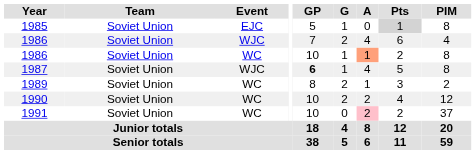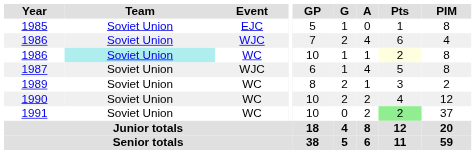 <table border="0" cellpadding="1" cellspacing="0" ID="Table3" style="text-align:center; width:40em">
 <tr bgcolor="#e0e0e0">
 <th>Year</th>
 <th>Team</th>
 <th>Event</th>
 <th rowspan="102" bgcolor="#ffffff"></th>
 <th>GP</th>
 <th>G</th>
 <th>A</th>
 <th>Pts</th>
 <th>PIM</th>
 </tr>
 <tr>
 <td><a href='#'>1985</a></td>
 <td><a href='#'>Soviet Union</a></td>
 <td><a href='#'>EJC</a></td>
 <td>5</td>
 <td>1</td>
 <td>0</td>
-<td style="background: lightgrey;">1</td>
+<td>1</td>
 <td>8</td>
 </tr>
 <tr bgcolor="#f0f0f0">
 <td><a href='#'>1986</a></td>
 <td><a href='#'>Soviet Union</a></td>
 <td><a href='#'>WJC</a></td>
 <td>7</td>
 <td>2</td>
 <td>4</td>
 <td>6</td>
 <td>4</td>
 </tr>
 <tr>
 <td><a href='#'>1986</a></td>
-<td><a href='#'>Soviet Union</a></td>
+<td style="background: paleturquoise;"><a href='#'>Soviet Union</a></td>
 <td><a href='#'>WC</a></td>
 <td>10</td>
 <td>1</td>
-<td style="background: lightsalmon;">1</td>
-<td>2</td>
+<td>1</td>
+<td style="background: lightyellow;">2</td>
 <td>8</td>
 </tr>
 <tr bgcolor="#f0f0f0">
 <td><a href='#'>1987</a></td>
 <td>Soviet Union</td>
 <td>WJC</td>
-<td><strong>6</strong></td>
+<td>6</td>
 <td>1</td>
 <td>4</td>
 <td>5</td>
 <td>8</td>
 </tr>
 <tr>
 <td><a href='#'>1989</a></td>
 <td>Soviet Union</td>
 <td>WC</td>
 <td>8</td>
 <td>2</td>
 <td>1</td>
 <td>3</td>
 <td>2</td>
 </tr>
 <tr bgcolor="#f0f0f0">
 <td><a href='#'>1990</a></td>
 <td>Soviet Union</td>
 <td>WC</td>
 <td>10</td>
 <td>2</td>
 <td>2</td>
 <td>4</td>
 <td>12</td>
 </tr>
 <tr>
 <td><a href='#'>1991</a></td>
 <td>Soviet Union</td>
 <td>WC</td>
 <td>10</td>
 <td>0</td>
-<td style="background: pink;">2</td>
 <td>2</td>
+<td style="background: lightgreen;">2</td>
 <td>37</td>
 </tr>
 <tr bgcolor="#e0e0e0">
 <th colspan=4>Junior totals</th>
 <th>18</th>
 <th>4</th>
 <th>8</th>
 <th>12</th>
 <th>20</th>
 </tr>
 <tr bgcolor="#e0e0e0">
 <th colspan=4>Senior totals</th>
 <th>38</th>
 <th>5</th>
 <th>6</th>
 <th>11</th>
 <th>59</th>
 </tr>
 </table>
